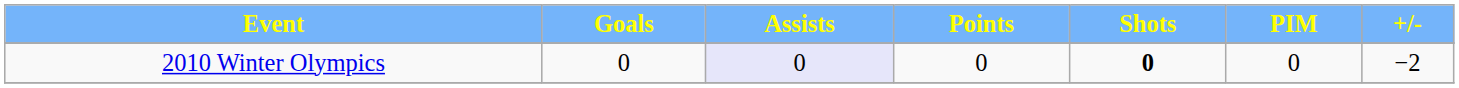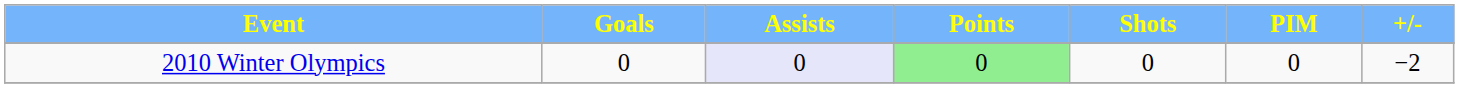 <table class="wikitable" width="75%">
 <tr align="center"  style="background:#74B4FA;color:yellow;">
 <td><strong>Event</strong></td>
 <td><strong>Goals</strong></td>
 <td><strong>Assists</strong></td>
 <td><strong>Points</strong></td>
 <td><strong>Shots</strong></td>
 <td><strong>PIM</strong></td>
 <td><strong>+/-</strong></td>
 </tr>
 <tr align="center" bgcolor="">
 </tr>
 <tr align="center">
 <td><a href='#'>2010 Winter Olympics</a></td>
 <td>0</td>
 <td style="background: lavender;">0</td>
+<td style="background: lightgreen;">0</td>
 <td>0</td>
-<td><strong>0</strong></td>
 <td>0</td>
 <td>−2</td>
 </tr>
 <tr align="center">
 </tr>
 </table>
